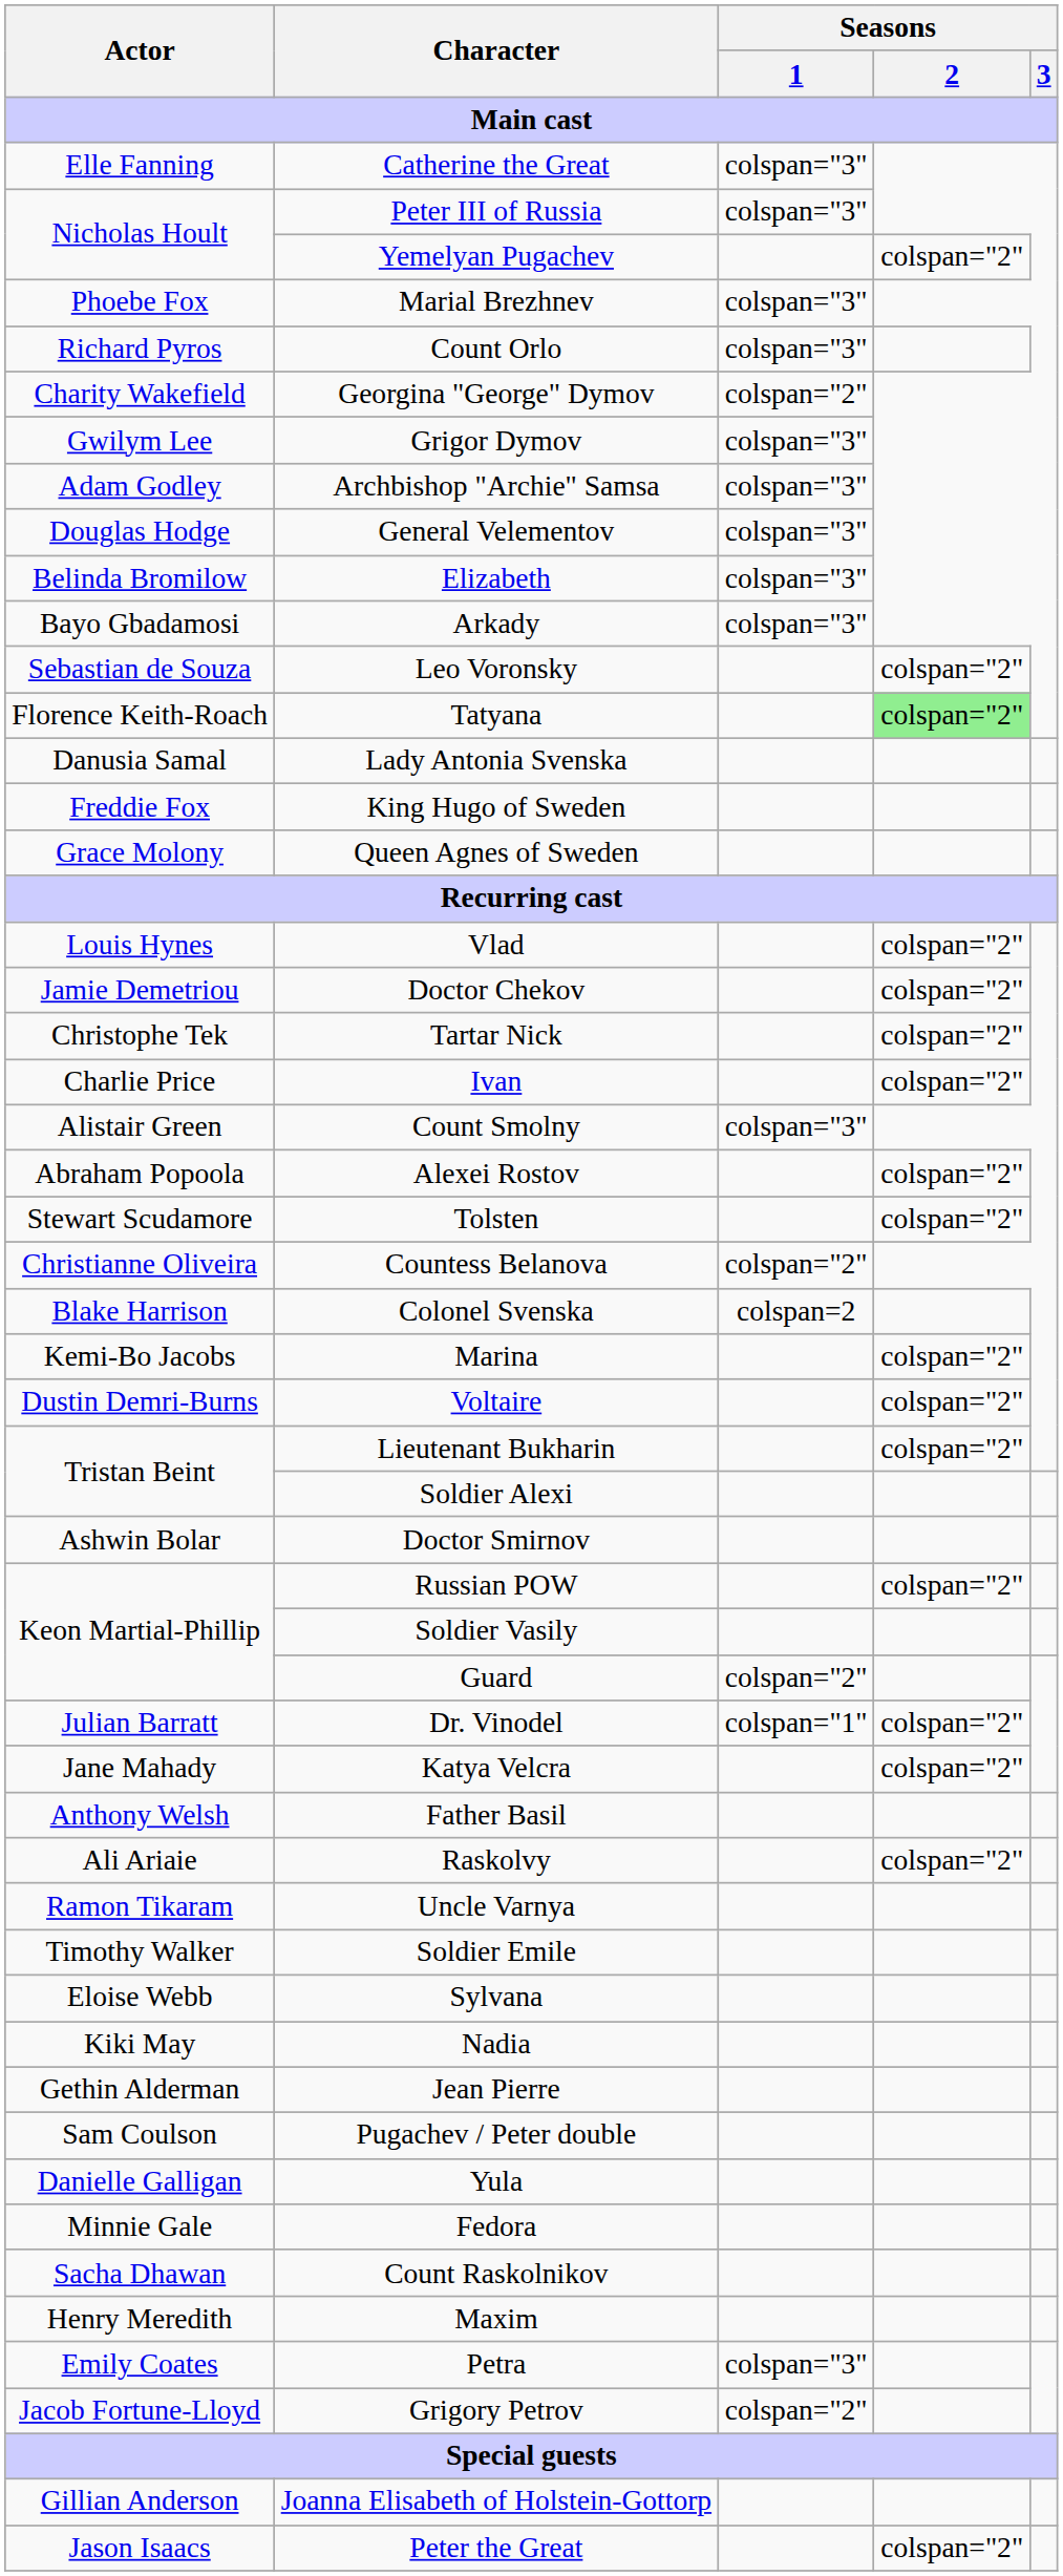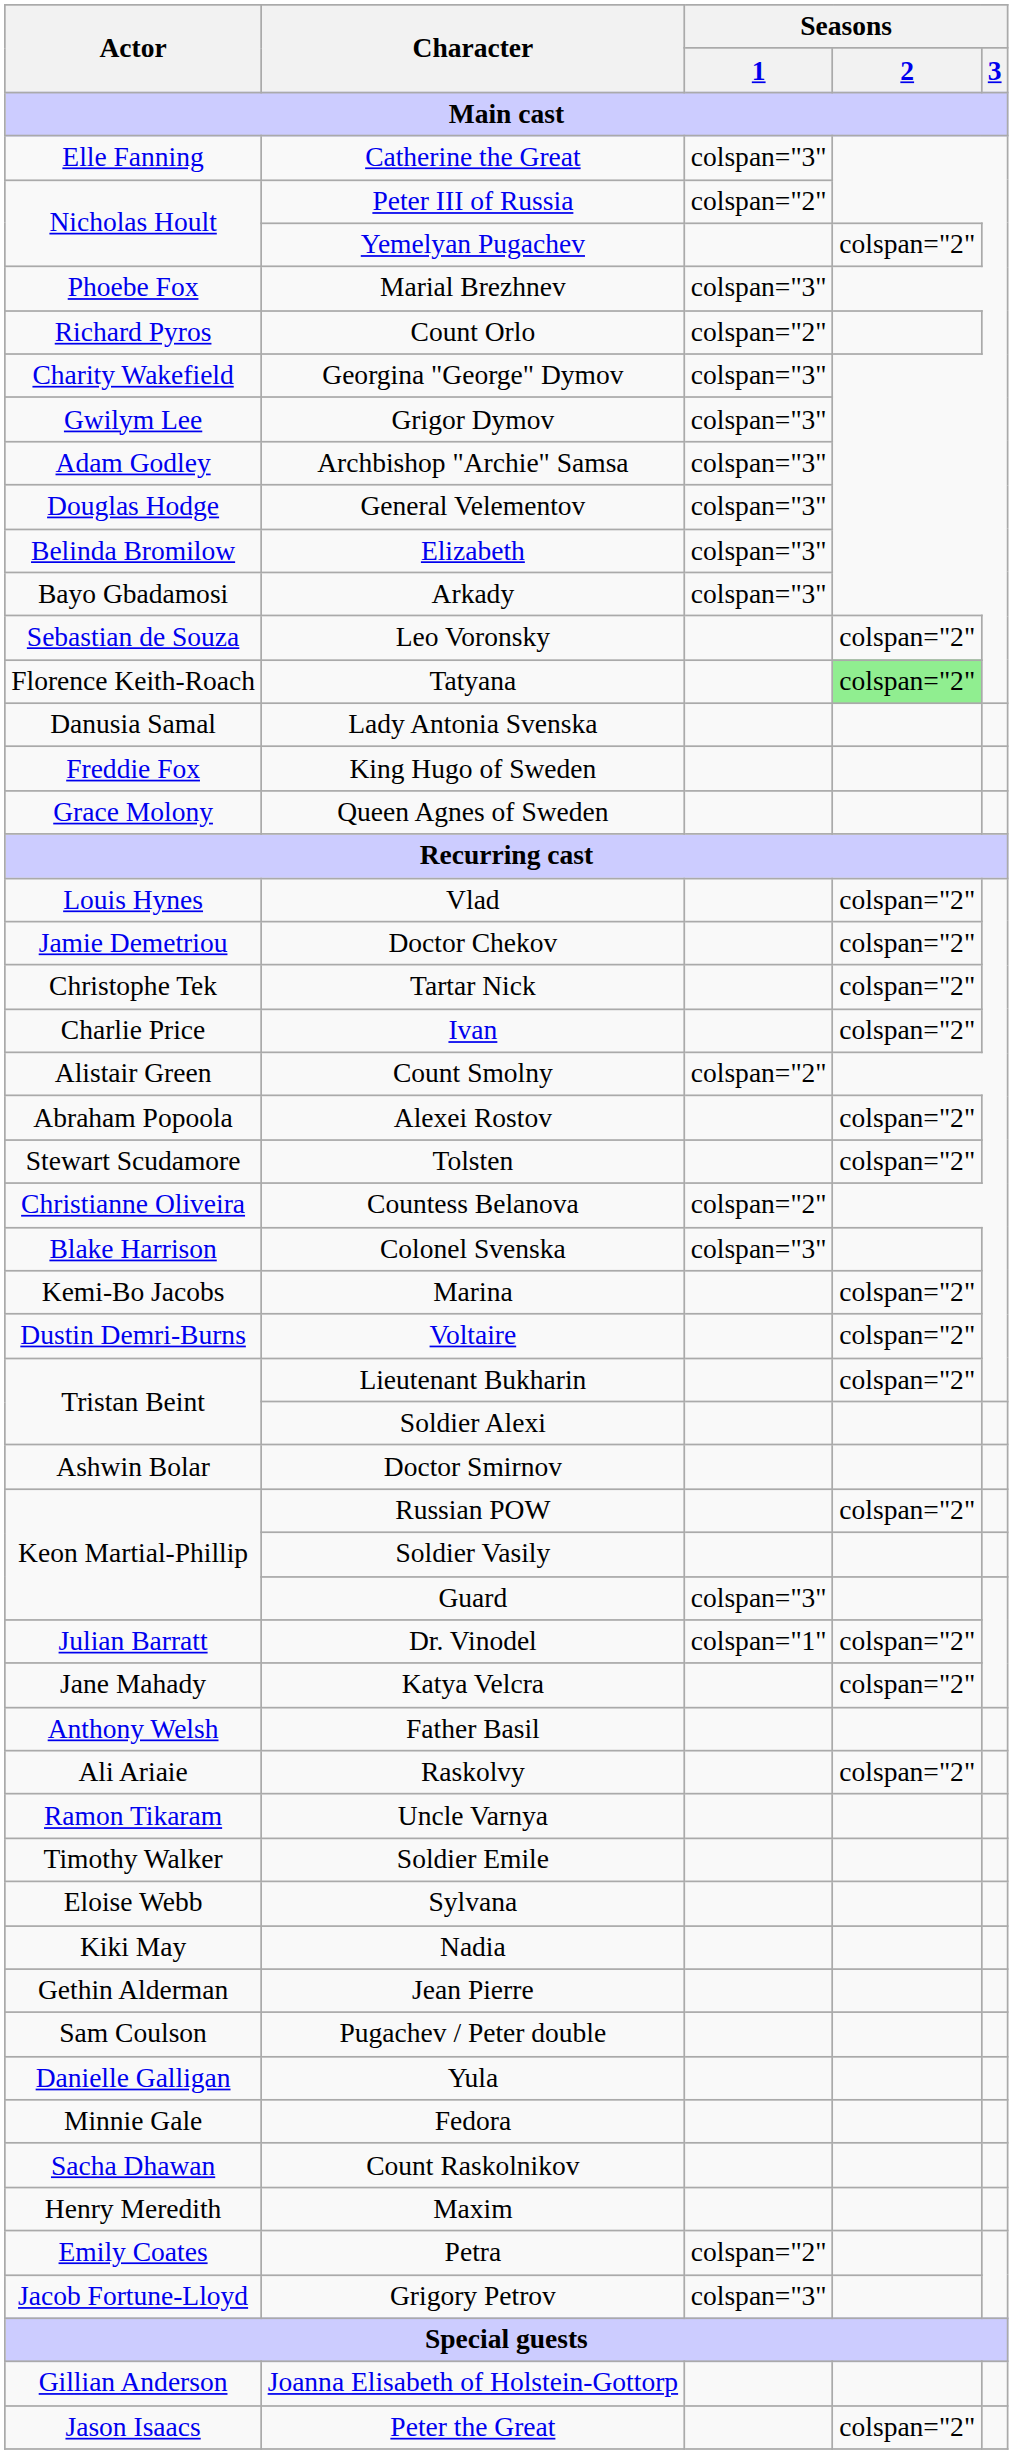 <table class="wikitable" style="text-align:center;">
 <tr>
 <th rowspan="2">Actor</th>
 <th rowspan="2">Character</th>
 <th colspan="4">Seasons</th>
 </tr>
 <tr>
 <th scope="col"><a href='#'>1</a></th>
 <th scope="col"><a href='#'>2</a></th>
 <th scope="col"><a href='#'>3</a></th>
 </tr>
 <tr>
 <th colspan="5" style="background-color:#ccccff;">Main cast</th>
 </tr>
 <tr>
 <td><a href='#'>Elle Fanning</a></td>
 <td scope="row"><a href='#'>Catherine the Great</a></td>
 <td>colspan="3" </td>
 </tr>
 <tr>
 <td rowspan="2"><a href='#'>Nicholas Hoult</a></td>
 <td scope="row"><a href='#'>Peter III of Russia</a></td>
-<td>colspan="3" </td>
+<td>colspan="2" </td>
 </tr>
 <tr>
 <td scope="row"><a href='#'>Yemelyan Pugachev</a></td>
 <td></td>
 <td>colspan="2" </td>
 </tr>
 <tr>
 <td><a href='#'>Phoebe Fox</a></td>
 <td scope="row">Marial Brezhnev</td>
 <td>colspan="3" </td>
 </tr>
 <tr>
 <td><a href='#'>Richard Pyros</a></td>
 <td scope="row">Count Orlo</td>
-<td>colspan="3" </td>
+<td>colspan="2" </td>
 <td></td>
 </tr>
 <tr>
 <td><a href='#'>Charity Wakefield</a></td>
 <td scope="row">Georgina "George" Dymov</td>
-<td>colspan="2" </td>
+<td>colspan="3" </td>
 </tr>
 <tr>
 <td><a href='#'>Gwilym Lee</a></td>
 <td scope="row">Grigor Dymov</td>
 <td>colspan="3" </td>
 </tr>
 <tr>
 <td><a href='#'>Adam Godley</a></td>
 <td scope="row">Archbishop "Archie" Samsa</td>
 <td>colspan="3" </td>
 </tr>
 <tr>
 <td><a href='#'>Douglas Hodge</a></td>
 <td scope="row">General Velementov</td>
 <td>colspan="3" </td>
 </tr>
 <tr>
 <td><a href='#'>Belinda Bromilow</a></td>
 <td scope="row"><a href='#'>Elizabeth</a></td>
 <td>colspan="3" </td>
 </tr>
 <tr>
 <td>Bayo Gbadamosi</td>
 <td scope="row">Arkady</td>
 <td>colspan="3" </td>
 </tr>
 <tr>
 <td><a href='#'>Sebastian de Souza</a></td>
 <td scope="row">Leo Voronsky</td>
 <td></td>
 <td>colspan="2" </td>
 </tr>
 <tr>
 <td>Florence Keith-Roach</td>
 <td scope="row">Tatyana</td>
 <td></td>
 <td style="background: lightgreen;">colspan="2" </td>
 </tr>
 <tr>
 <td>Danusia Samal</td>
 <td scope="row">Lady Antonia Svenska</td>
 <td></td>
 <td></td>
 <td></td>
 </tr>
 <tr>
 <td><a href='#'>Freddie Fox</a></td>
 <td scope="row">King Hugo of Sweden</td>
 <td></td>
 <td></td>
 <td></td>
 </tr>
 <tr>
 <td><a href='#'>Grace Molony</a></td>
 <td scope="row">Queen Agnes of Sweden</td>
 <td></td>
 <td></td>
 <td></td>
 </tr>
 <tr>
 <th colspan="5" style="background-color:#ccccff;">Recurring cast</th>
 </tr>
 <tr>
 <td><a href='#'>Louis Hynes</a></td>
 <td scope="row">Vlad</td>
 <td></td>
 <td>colspan="2" </td>
 </tr>
 <tr>
 <td><a href='#'>Jamie Demetriou</a></td>
 <td scope="row">Doctor Chekov</td>
 <td></td>
 <td>colspan="2" </td>
 </tr>
 <tr>
 <td>Christophe Tek</td>
 <td scope="row">Tartar Nick</td>
 <td></td>
 <td>colspan="2" </td>
 </tr>
 <tr>
 <td>Charlie Price</td>
 <td scope="row"><a href='#'>Ivan</a></td>
 <td></td>
 <td>colspan="2" </td>
 </tr>
 <tr>
 <td>Alistair Green</td>
 <td scope="row">Count Smolny</td>
-<td>colspan="3" </td>
+<td>colspan="2" </td>
 </tr>
 <tr>
 <td>Abraham Popoola</td>
 <td scope="row">Alexei Rostov</td>
 <td></td>
 <td>colspan="2" </td>
 </tr>
 <tr>
 <td>Stewart Scudamore</td>
 <td scope="row">Tolsten</td>
 <td></td>
 <td>colspan="2" </td>
 </tr>
 <tr>
 <td><a href='#'>Christianne Oliveira</a></td>
 <td scope="row">Countess Belanova</td>
 <td>colspan="2" </td>
 </tr>
 <tr>
 <td><a href='#'>Blake Harrison</a></td>
 <td scope="row">Colonel Svenska</td>
-<td>colspan=2 </td>
+<td>colspan="3" </td>
 <td></td>
 </tr>
 <tr>
 <td>Kemi-Bo Jacobs</td>
 <td scope="row">Marina</td>
 <td></td>
 <td>colspan="2" </td>
 </tr>
 <tr>
 <td><a href='#'>Dustin Demri-Burns</a></td>
 <td scope="row"><a href='#'>Voltaire</a></td>
 <td></td>
 <td>colspan="2" </td>
 </tr>
 <tr>
 <td rowspan="2">Tristan Beint</td>
 <td scope="row">Lieutenant Bukharin</td>
 <td></td>
 <td>colspan="2" </td>
 </tr>
 <tr>
 <td scope="row">Soldier Alexi</td>
 <td></td>
 <td></td>
 <td></td>
 </tr>
 <tr>
 <td>Ashwin Bolar</td>
 <td scope="row">Doctor Smirnov</td>
 <td></td>
 <td></td>
 <td></td>
 </tr>
 <tr>
 <td rowspan="3">Keon Martial-Phillip</td>
 <td scope="row">Russian POW</td>
 <td></td>
 <td>colspan="2" </td>
 </tr>
 <tr>
 <td scope="row">Soldier Vasily</td>
 <td></td>
 <td></td>
 <td></td>
 </tr>
 <tr>
 <td scope="row">Guard</td>
-<td>colspan="2" </td>
+<td>colspan="3" </td>
 <td></td>
 </tr>
 <tr>
 <td><a href='#'>Julian Barratt</a></td>
 <td scope="row">Dr. Vinodel</td>
 <td>colspan="1" </td>
 <td>colspan="2" </td>
 </tr>
 <tr>
 <td>Jane Mahady</td>
 <td scope="row">Katya Velcra</td>
 <td></td>
 <td>colspan="2" </td>
 </tr>
 <tr>
 <td><a href='#'>Anthony Welsh</a></td>
 <td scope="row">Father Basil</td>
 <td></td>
 <td></td>
 <td></td>
 </tr>
 <tr>
 <td>Ali Ariaie</td>
 <td scope="row">Raskolvy</td>
 <td></td>
 <td>colspan="2" </td>
 </tr>
 <tr>
 <td><a href='#'>Ramon Tikaram</a></td>
 <td scope="row">Uncle Varnya</td>
 <td></td>
 <td></td>
 <td></td>
 </tr>
 <tr>
 <td>Timothy Walker</td>
 <td scope="row">Soldier Emile</td>
 <td></td>
 <td></td>
 <td></td>
 </tr>
 <tr>
 <td>Eloise Webb</td>
 <td scope="row">Sylvana</td>
 <td></td>
 <td></td>
 <td></td>
 </tr>
 <tr>
 <td>Kiki May</td>
 <td scope="row">Nadia</td>
 <td></td>
 <td></td>
 <td></td>
 </tr>
 <tr>
 <td>Gethin Alderman</td>
 <td scope="row">Jean Pierre</td>
 <td></td>
 <td></td>
 <td></td>
 </tr>
 <tr>
 <td>Sam Coulson</td>
 <td scope="row">Pugachev / Peter double</td>
 <td></td>
 <td></td>
 <td></td>
 </tr>
 <tr>
 <td><a href='#'>Danielle Galligan</a></td>
 <td scope="row">Yula</td>
 <td></td>
 <td></td>
 <td></td>
 </tr>
 <tr>
 <td>Minnie Gale</td>
 <td scope="row">Fedora</td>
 <td></td>
 <td></td>
 <td></td>
 </tr>
 <tr>
 <td><a href='#'>Sacha Dhawan</a></td>
 <td scope="row">Count Raskolnikov</td>
 <td></td>
 <td></td>
 <td></td>
 </tr>
 <tr>
 <td>Henry Meredith</td>
 <td scope="row">Maxim</td>
 <td></td>
 <td></td>
 <td></td>
 </tr>
 <tr>
 <td><a href='#'>Emily Coates</a></td>
 <td scope="row">Petra</td>
-<td>colspan="3" </td>
+<td>colspan="2" </td>
 <td></td>
 </tr>
 <tr>
 <td><a href='#'>Jacob Fortune-Lloyd</a></td>
 <td scope="row">Grigory Petrov</td>
-<td>colspan="2" </td>
+<td>colspan="3" </td>
 <td></td>
 </tr>
 <tr>
 <th colspan="5" style="background-color:#ccccff;">Special guests</th>
 </tr>
 <tr>
 <td><a href='#'>Gillian Anderson</a></td>
 <td scope="row"><a href='#'>Joanna Elisabeth of Holstein-Gottorp</a></td>
 <td></td>
 <td></td>
 <td></td>
 </tr>
 <tr>
 <td><a href='#'>Jason Isaacs</a></td>
 <td scope="row"><a href='#'>Peter the Great</a></td>
 <td></td>
 <td>colspan="2" </td>
 </tr>
 </table>
